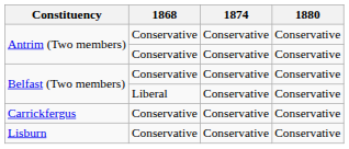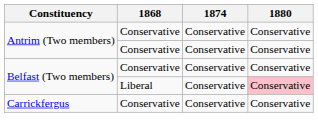 <table class="wikitable">
 <tr>
 <th>Constituency</th>
 <th>1868</th>
 <th>1874</th>
 <th>1880</th>
 </tr>
 <tr>
 <td rowspan="2"><a href='#'>Antrim</a> (Two members)</td>
 <td>Conservative</td>
 <td>Conservative</td>
 <td>Conservative</td>
 </tr>
 <tr>
 <td>Conservative</td>
 <td>Conservative</td>
 <td>Conservative</td>
 </tr>
 <tr>
 <td rowspan="2"><a href='#'>Belfast</a> (Two members)</td>
 <td>Conservative</td>
 <td>Conservative</td>
 <td>Conservative</td>
 </tr>
 <tr>
 <td>Liberal</td>
 <td>Conservative</td>
-<td>Conservative</td>
+<td style="background: pink;">Conservative</td>
 </tr>
 <tr>
 <td><a href='#'>Carrickfergus</a></td>
 <td>Conservative</td>
 <td>Conservative</td>
 <td>Conservative</td>
 </tr>
-<tr>
-<td><a href='#'>Lisburn</a></td>
-<td>Conservative</td>
-<td>Conservative</td>
-<td>Conservative</td>
-</tr>
 </table>
